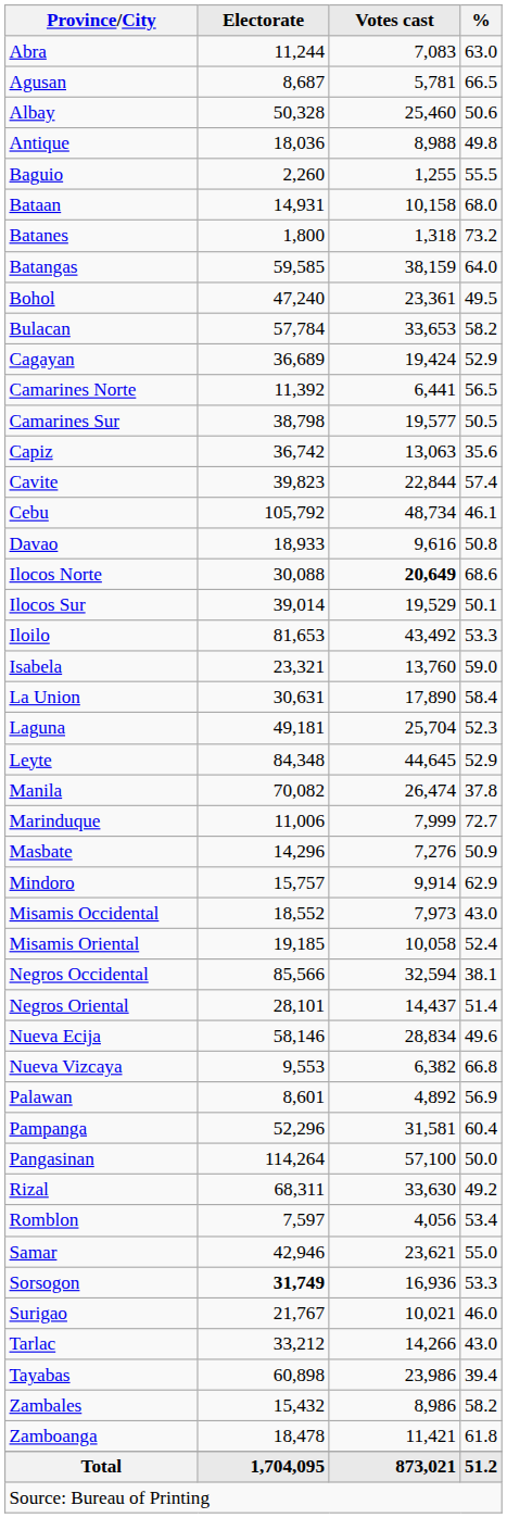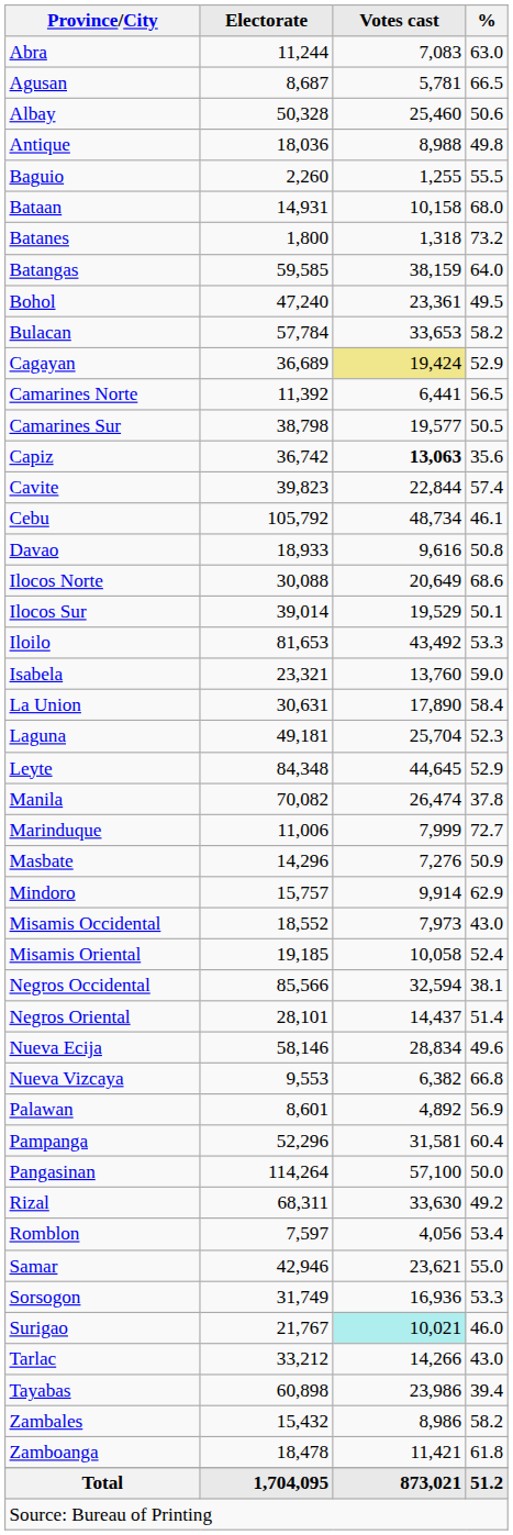 <table class="wikitable" style="text-align:right; font-size:95%">
 <tr>
 <th width="150px" align="left"><a href='#'>Province</a>/<a href='#'>City</a></th>
 <th width="100px" align="center" style="background: #E9E9E9">Electorate</th>
 <th width="100px" align="center" style="background: #E9E9E9">Votes cast</th>
 <th>%</th>
 </tr>
 <tr>
 <td align="left"><a href='#'>Abra</a></td>
 <td>11,244</td>
 <td>7,083</td>
 <td>63.0</td>
 </tr>
 <tr>
 <td align="left"><a href='#'>Agusan</a></td>
 <td>8,687</td>
 <td>5,781</td>
 <td>66.5</td>
 </tr>
 <tr>
 <td align="left"><a href='#'>Albay</a></td>
 <td>50,328</td>
 <td>25,460</td>
 <td>50.6</td>
 </tr>
 <tr>
 <td align="left"><a href='#'>Antique</a></td>
 <td>18,036</td>
 <td>8,988</td>
 <td>49.8</td>
 </tr>
 <tr>
 <td align="left"><a href='#'>Baguio</a></td>
 <td>2,260</td>
 <td>1,255</td>
 <td>55.5</td>
 </tr>
 <tr>
 <td align="left"><a href='#'>Bataan</a></td>
 <td>14,931</td>
 <td>10,158</td>
 <td>68.0</td>
 </tr>
 <tr>
 <td align="left"><a href='#'>Batanes</a></td>
 <td>1,800</td>
 <td>1,318</td>
 <td>73.2</td>
 </tr>
 <tr>
 <td align="left"><a href='#'>Batangas</a></td>
 <td>59,585</td>
 <td>38,159</td>
 <td>64.0</td>
 </tr>
 <tr>
 <td align="left"><a href='#'>Bohol</a></td>
 <td>47,240</td>
 <td>23,361</td>
 <td>49.5</td>
 </tr>
 <tr>
 <td align="left"><a href='#'>Bulacan</a></td>
 <td>57,784</td>
 <td>33,653</td>
 <td>58.2</td>
 </tr>
 <tr>
 <td align="left"><a href='#'>Cagayan</a></td>
 <td>36,689</td>
-<td>19,424</td>
+<td style="background: khaki;">19,424</td>
 <td>52.9</td>
 </tr>
 <tr>
 <td align="left"><a href='#'>Camarines Norte</a></td>
 <td>11,392</td>
 <td>6,441</td>
 <td>56.5</td>
 </tr>
 <tr>
 <td align="left"><a href='#'>Camarines Sur</a></td>
 <td>38,798</td>
 <td>19,577</td>
 <td>50.5</td>
 </tr>
 <tr>
 <td align="left"><a href='#'>Capiz</a></td>
 <td>36,742</td>
-<td>13,063</td>
+<td><strong>13,063</strong></td>
 <td>35.6</td>
 </tr>
 <tr>
 <td align="left"><a href='#'>Cavite</a></td>
 <td>39,823</td>
 <td>22,844</td>
 <td>57.4</td>
 </tr>
 <tr>
 <td align="left"><a href='#'>Cebu</a></td>
 <td>105,792</td>
 <td>48,734</td>
 <td>46.1</td>
 </tr>
 <tr>
 <td align="left"><a href='#'>Davao</a></td>
 <td>18,933</td>
 <td>9,616</td>
 <td>50.8</td>
 </tr>
 <tr>
 <td align="left"><a href='#'>Ilocos Norte</a></td>
 <td>30,088</td>
-<td><strong>20,649</strong></td>
+<td>20,649</td>
 <td>68.6</td>
 </tr>
 <tr>
 <td align="left"><a href='#'>Ilocos Sur</a></td>
 <td>39,014</td>
 <td>19,529</td>
 <td>50.1</td>
 </tr>
 <tr>
 <td align="left"><a href='#'>Iloilo</a></td>
 <td>81,653</td>
 <td>43,492</td>
 <td>53.3</td>
 </tr>
 <tr>
 <td align="left"><a href='#'>Isabela</a></td>
 <td>23,321</td>
 <td>13,760</td>
 <td>59.0</td>
 </tr>
 <tr>
 <td align="left"><a href='#'>La Union</a></td>
 <td>30,631</td>
 <td>17,890</td>
 <td>58.4</td>
 </tr>
 <tr>
 <td align="left"><a href='#'>Laguna</a></td>
 <td>49,181</td>
 <td>25,704</td>
 <td>52.3</td>
 </tr>
 <tr>
 <td align="left"><a href='#'>Leyte</a></td>
 <td>84,348</td>
 <td>44,645</td>
 <td>52.9</td>
 </tr>
 <tr>
 <td align="left"><a href='#'>Manila</a></td>
 <td>70,082</td>
 <td>26,474</td>
 <td>37.8</td>
 </tr>
 <tr>
 <td align="left"><a href='#'>Marinduque</a></td>
 <td>11,006</td>
 <td>7,999</td>
 <td>72.7</td>
 </tr>
 <tr>
 <td align="left"><a href='#'>Masbate</a></td>
 <td>14,296</td>
 <td>7,276</td>
 <td>50.9</td>
 </tr>
 <tr>
 <td align="left"><a href='#'>Mindoro</a></td>
 <td>15,757</td>
 <td>9,914</td>
 <td>62.9</td>
 </tr>
 <tr>
 <td align="left"><a href='#'>Misamis Occidental</a></td>
 <td>18,552</td>
 <td>7,973</td>
 <td>43.0</td>
 </tr>
 <tr>
 <td align="left"><a href='#'>Misamis Oriental</a></td>
 <td>19,185</td>
 <td>10,058</td>
 <td>52.4</td>
 </tr>
 <tr>
 <td align="left"><a href='#'>Negros Occidental</a></td>
 <td>85,566</td>
 <td>32,594</td>
 <td>38.1</td>
 </tr>
 <tr>
 <td align="left"><a href='#'>Negros Oriental</a></td>
 <td>28,101</td>
 <td>14,437</td>
 <td>51.4</td>
 </tr>
 <tr>
 <td align="left"><a href='#'>Nueva Ecija</a></td>
 <td>58,146</td>
 <td>28,834</td>
 <td>49.6</td>
 </tr>
 <tr>
 <td align="left"><a href='#'>Nueva Vizcaya</a></td>
 <td>9,553</td>
 <td>6,382</td>
 <td>66.8</td>
 </tr>
 <tr>
 <td align="left"><a href='#'>Palawan</a></td>
 <td>8,601</td>
 <td>4,892</td>
 <td>56.9</td>
 </tr>
 <tr>
 <td align="left"><a href='#'>Pampanga</a></td>
 <td>52,296</td>
 <td>31,581</td>
 <td>60.4</td>
 </tr>
 <tr>
 <td align="left"><a href='#'>Pangasinan</a></td>
 <td>114,264</td>
 <td>57,100</td>
 <td>50.0</td>
 </tr>
 <tr>
 <td align="left"><a href='#'>Rizal</a></td>
 <td>68,311</td>
 <td>33,630</td>
 <td>49.2</td>
 </tr>
 <tr>
 <td align="left"><a href='#'>Romblon</a></td>
 <td>7,597</td>
 <td>4,056</td>
 <td>53.4</td>
 </tr>
 <tr>
 <td align="left"><a href='#'>Samar</a></td>
 <td>42,946</td>
 <td>23,621</td>
 <td>55.0</td>
 </tr>
 <tr>
 <td align="left"><a href='#'>Sorsogon</a></td>
-<td><strong>31,749</strong></td>
+<td>31,749</td>
 <td>16,936</td>
 <td>53.3</td>
 </tr>
 <tr>
 <td align="left"><a href='#'>Surigao</a></td>
 <td>21,767</td>
-<td>10,021</td>
+<td style="background: paleturquoise;">10,021</td>
 <td>46.0</td>
 </tr>
 <tr>
 <td align="left"><a href='#'>Tarlac</a></td>
 <td>33,212</td>
 <td>14,266</td>
 <td>43.0</td>
 </tr>
 <tr>
 <td align="left"><a href='#'>Tayabas</a></td>
 <td>60,898</td>
 <td>23,986</td>
 <td>39.4</td>
 </tr>
 <tr>
 <td align="left"><a href='#'>Zambales</a></td>
 <td>15,432</td>
 <td>8,986</td>
 <td>58.2</td>
 </tr>
 <tr>
 <td align="left"><a href='#'>Zamboanga</a></td>
 <td>18,478</td>
 <td>11,421</td>
 <td>61.8</td>
 </tr>
 <tr>
 </tr>
 <tr style="background:#E9E9E9">
 <th align="center"><strong>Total</strong></th>
 <td><strong>1,704,095</strong></td>
 <td><strong>873,021</strong></td>
 <td><strong>51.2</strong></td>
 </tr>
 <tr>
 <td colspan="4" align="left">Source: Bureau of Printing</td>
 </tr>
 </table>
